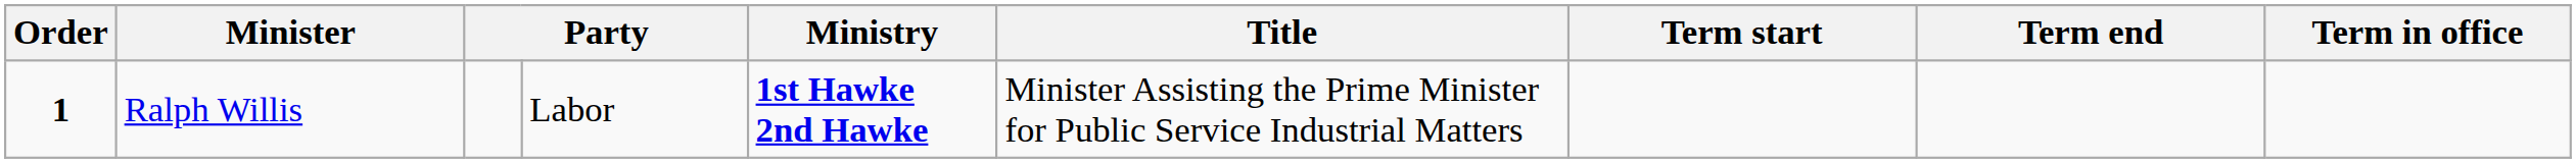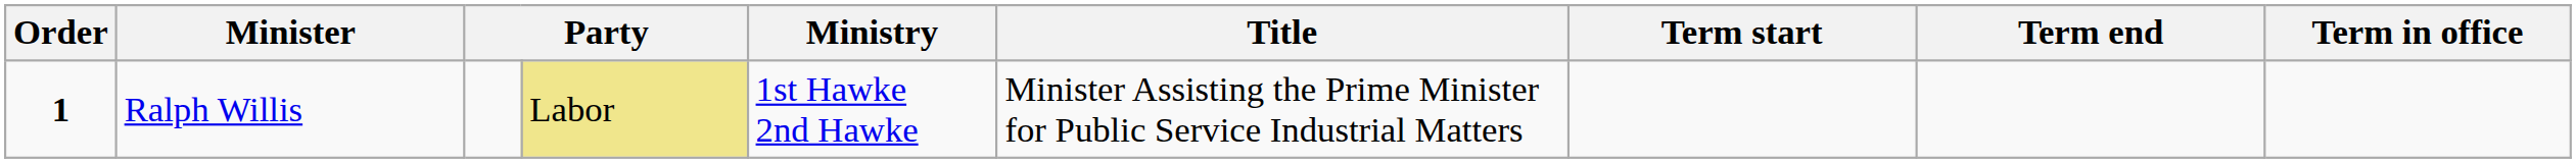 <table class="wikitable">
 <tr>
 <th width=5>Order</th>
 <th width=150>Minister</th>
 <th width=120 colspan=2>Party</th>
 <th width=105>Ministry</th>
 <th width=250>Title</th>
 <th width=150>Term start</th>
 <th width=150>Term end</th>
 <th width=130>Term in office</th>
 </tr>
 <tr>
 <td align=center><strong>1</strong></td>
 <td><a href='#'>Ralph Willis</a></td>
 <td> </td>
-<td>Labor</td>
-<td><strong><a href='#'>1st Hawke</a><br><a href='#'>2nd Hawke</a></strong></td>
+<td style="background: khaki;">Labor</td>
+<td><a href='#'>1st Hawke</a><br><a href='#'>2nd Hawke</a></td>
 <td>Minister Assisting the Prime Minister for Public Service Industrial Matters</td>
 <td align=center></td>
 <td align=center></td>
 <td align=right></td>
 </tr>
 </table>
